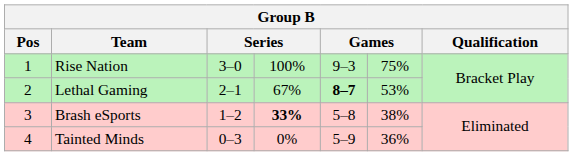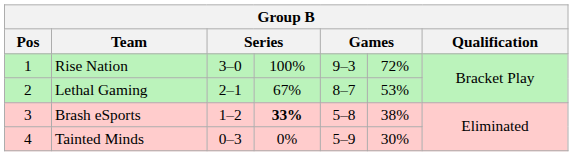 <table class="wikitable" style="display: inline-table; margin-left: 50px;width: 46.5%;">
 <tr>
 <th colspan="7">Group B</th>
 </tr>
 <tr>
 <th>Pos</th>
 <th>Team</th>
 <th colspan="2">Series</th>
 <th colspan="2">Games</th>
 <th>Qualification</th>
 </tr>
 <tr>
 <td style="text-align:center; background:#BBF3BB;">1</td>
 <td style="text-align:left; background:#BBF3BB;">Rise Nation</td>
 <td style="text-align:center; background:#BBF3BB;">3–0</td>
 <td style="text-align:center; background:#BBF3BB;">100%</td>
 <td style="text-align:center; background:#BBF3BB;">9–3</td>
-<td style="text-align:center; background:#BBF3BB;">75%</td>
+<td style="text-align:center; background:#BBF3BB;">72%</td>
 <td style="text-align:center; background:#BBF3BB;" rowspan="2">Bracket Play</td>
 </tr>
 <tr>
 <td style="text-align:center; background:#BBF3BB;">2</td>
 <td style="text-align:left; background:#BBF3BB;">Lethal Gaming</td>
 <td style="text-align:center; background:#BBF3BB;">2–1</td>
 <td style="text-align:center; background:#BBF3BB;">67%</td>
-<td style="text-align:center; background:#BBF3BB;"><strong>8–7</strong></td>
+<td style="text-align:center; background:#BBF3BB;">8–7</td>
 <td style="text-align:center; background:#BBF3BB;">53%</td>
 </tr>
 <tr>
 <td style="text-align:center; background:#FFCCCC;">3</td>
 <td style="text-align:left; background:#FFCCCC;">Brash eSports</td>
 <td style="text-align:center; background:#FFCCCC;">1–2</td>
 <td style="text-align:center; background:#FFCCCC;"><strong>33%</strong></td>
 <td style="text-align:center; background:#FFCCCC;">5–8</td>
 <td style="text-align:center; background:#FFCCCC;">38%</td>
 <td style="text-align:center; background:#FFCCCC;" rowspan="2">Eliminated</td>
 </tr>
 <tr>
 <td style="text-align:center; background:#FFCCCC;">4</td>
 <td style="text-align:left; background:#FFCCCC;">Tainted Minds</td>
 <td style="text-align:center; background:#FFCCCC;">0–3</td>
 <td style="text-align:center; background:#FFCCCC;">0%</td>
 <td style="text-align:center; background:#FFCCCC;">5–9</td>
-<td style="text-align:center; background:#FFCCCC;">36%</td>
+<td style="text-align:center; background:#FFCCCC;">30%</td>
 </tr>
 </table>
